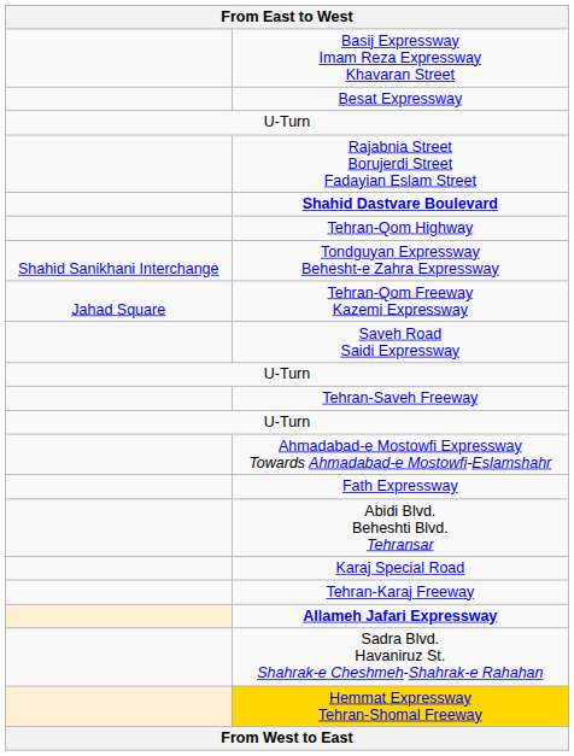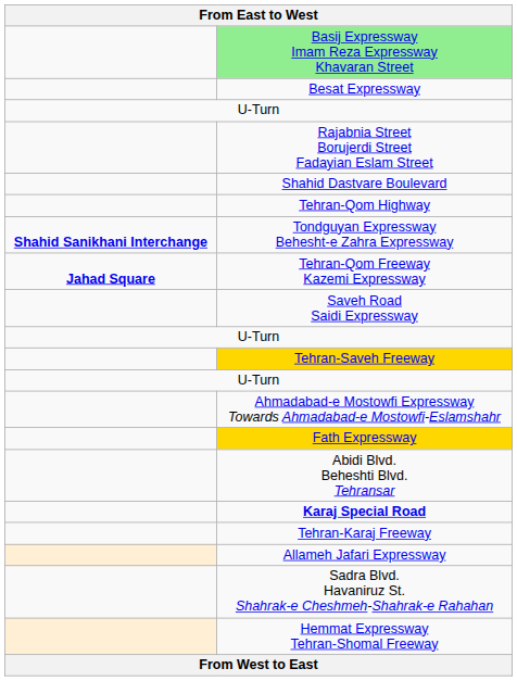 <table class="wikitable" style="text-align:center" width="600px">
 <tr>
 <th text-align="center" colspan="3"> From East to West </th>
 </tr>
 <tr>
 <td><br></td>
-<td> <a href='#'>Basij Expressway</a><br> <a href='#'>Imam Reza Expressway</a><br> <a href='#'>Khavaran Street</a></td>
+<td style="background: lightgreen;"> <a href='#'>Basij Expressway</a><br> <a href='#'>Imam Reza Expressway</a><br> <a href='#'>Khavaran Street</a></td>
 </tr>
 <tr>
 <td></td>
 <td> <a href='#'>Besat Expressway</a></td>
 </tr>
 <tr>
 <td text-align="center" colspan="3"> U-Turn</td>
 </tr>
 <tr>
 <td></td>
 <td> <a href='#'>Rajabnia Street</a><br> <a href='#'>Borujerdi Street</a><br> <a href='#'>Fadayian Eslam Street</a></td>
 </tr>
 <tr>
 <td></td>
-<td><strong> <a href='#'>Shahid Dastvare Boulevard</a></strong></td>
+<td> <a href='#'>Shahid Dastvare Boulevard</a></td>
 </tr>
 <tr>
 <td></td>
 <td> <a href='#'>Tehran-Qom Highway</a></td>
 </tr>
 <tr>
-<td><br><a href='#'>Shahid Sanikhani Interchange</a></td>
+<td><strong><br><a href='#'>Shahid Sanikhani Interchange</a></strong></td>
 <td> <a href='#'>Tondguyan Expressway</a><br> <a href='#'>Behesht-e Zahra Expressway</a></td>
 </tr>
 <tr>
-<td><br><a href='#'>Jahad Square</a></td>
+<td><strong><br><a href='#'>Jahad Square</a></strong></td>
 <td> <a href='#'>Tehran-Qom Freeway</a><br> <a href='#'>Kazemi Expressway</a></td>
 </tr>
 <tr>
 <td></td>
 <td> <a href='#'>Saveh Road</a><br> <a href='#'>Saidi Expressway</a></td>
 </tr>
 <tr>
 <td text-align="center" colspan="3"> U-Turn</td>
 </tr>
 <tr>
 <td></td>
-<td> <a href='#'>Tehran-Saveh Freeway</a></td>
+<td style="background: gold;"> <a href='#'>Tehran-Saveh Freeway</a></td>
 </tr>
 <tr>
 <td text-align="center" colspan="3"> U-Turn</td>
 </tr>
 <tr>
 <td></td>
 <td> <a href='#'>Ahmadabad-e Mostowfi Expressway</a><br><em>Towards <a href='#'>Ahmadabad-e Mostowfi</a>-<a href='#'>Eslamshahr</a></em></td>
 </tr>
 <tr>
 <td></td>
-<td> <a href='#'>Fath Expressway</a></td>
+<td style="background: gold;"> <a href='#'>Fath Expressway</a></td>
 </tr>
 <tr>
 <td></td>
 <td> Abidi Blvd.<br> Beheshti Blvd.<br><em><a href='#'>Tehransar</a></em></td>
 </tr>
 <tr>
 <td></td>
-<td> <a href='#'>Karaj Special Road</a></td>
+<td><strong> <a href='#'>Karaj Special Road</a></strong></td>
 </tr>
 <tr>
 <td></td>
 <td> <a href='#'>Tehran-Karaj Freeway</a></td>
 </tr>
 <tr>
 <td align="center" bgcolor="#FFEFD5"><br></td>
-<td><strong> <a href='#'>Allameh Jafari Expressway</a></strong></td>
+<td> <a href='#'>Allameh Jafari Expressway</a></td>
 </tr>
 <tr>
 <td></td>
 <td> Sadra Blvd.<br> Havaniruz St.<br><em><a href='#'>Shahrak-e Cheshmeh</a>-<a href='#'>Shahrak-e Rahahan</a></em></td>
 </tr>
 <tr>
 <td align="center" bgcolor="#FFEFD5"></td>
-<td style="background: gold;"> <a href='#'>Hemmat Expressway</a><br> <a href='#'>Tehran-Shomal Freeway</a></td>
+<td> <a href='#'>Hemmat Expressway</a><br> <a href='#'>Tehran-Shomal Freeway</a></td>
 </tr>
 <tr>
 <th text-align="center" colspan="3"> From West to East </th>
 </tr>
 </table>
